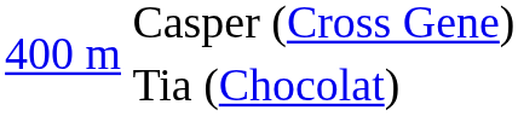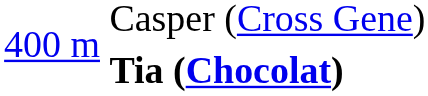 <table>
 <tr>
 <td rowspan="2"><a href='#'>400 m</a></td>
 <td>Casper (<a href='#'>Cross Gene</a>)</td>
 <td rowspan="2"></td>
 <td rowspan="2"></td>
 </tr>
 <tr>
-<td>Tia (<a href='#'>Chocolat</a>)</td>
+<td><strong>Tia (<a href='#'>Chocolat</a>)</strong></td>
 </tr>
 </table>
